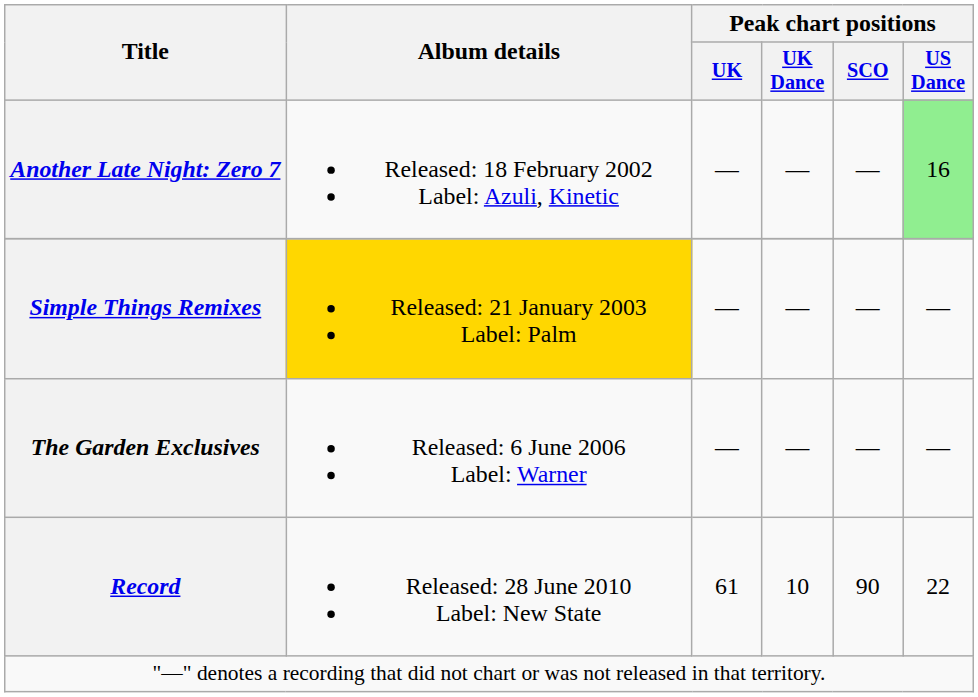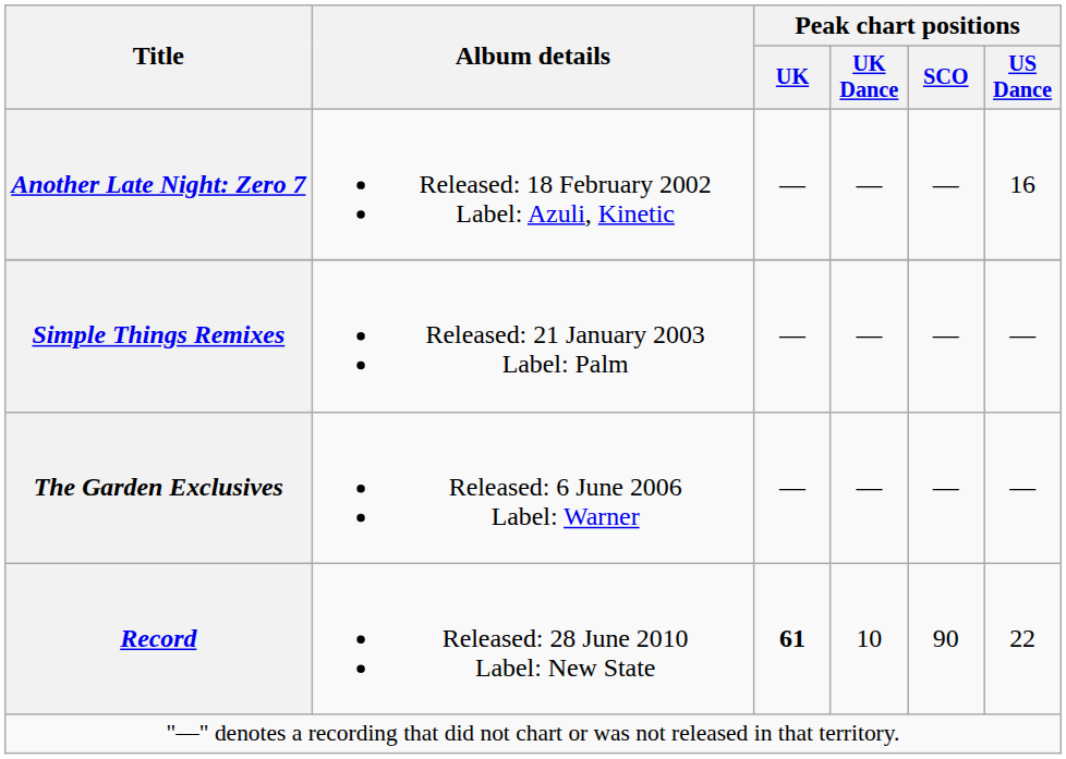 <table class="wikitable plainrowheaders" style="text-align:center;">
 <tr>
 <th rowspan="2">Title</th>
 <th rowspan="2" style="width:265px;">Album details</th>
 <th colspan="4">Peak chart positions</th>
 </tr>
 <tr>
 <th style="width:3em;font-size:85%"><a href='#'>UK</a><br></th>
 <th style="width:3em;font-size:85%"><a href='#'>UK<br>Dance</a><br></th>
 <th style="width:3em;font-size:85%"><a href='#'>SCO</a><br></th>
 <th style="width:3em;font-size:85%"><a href='#'>US Dance</a><br></th>
 </tr>
 <tr>
 <th scope="row"><em><a href='#'>Another Late Night: Zero 7</a></em></th>
 <td><br><ul><li>Released: 18 February 2002</li><li>Label: <a href='#'>Azuli</a>, <a href='#'>Kinetic</a></li></ul></td>
 <td>—</td>
 <td>—</td>
 <td>—</td>
-<td style="background: lightgreen;">16</td>
+<td>16</td>
 </tr>
 <tr>
 </tr>
 <tr>
 <th scope="row"><em><a href='#'>Simple Things Remixes</a></em></th>
-<td style="background: gold;"><br><ul><li>Released: 21 January 2003</li><li>Label: Palm</li></ul></td>
+<td><br><ul><li>Released: 21 January 2003</li><li>Label: Palm</li></ul></td>
 <td>—</td>
 <td>—</td>
 <td>—</td>
 <td>—</td>
 </tr>
 <tr>
 <th scope="row"><em>The Garden Exclusives</em></th>
 <td><br><ul><li>Released: 6 June 2006</li><li>Label: <a href='#'>Warner</a></li></ul></td>
 <td>—</td>
 <td>—</td>
 <td>—</td>
 <td>—</td>
 </tr>
 <tr>
 <th scope="row"><em><a href='#'>Record</a></em></th>
 <td><br><ul><li>Released: 28 June 2010</li><li>Label: New State</li></ul></td>
-<td>61</td>
+<td><strong>61</strong></td>
 <td>10</td>
 <td>90</td>
 <td>22</td>
 </tr>
 <tr>
 <td colspan="10" style="font-size:90%">"—" denotes a recording that did not chart or was not released in that territory.</td>
 </tr>
 </table>
